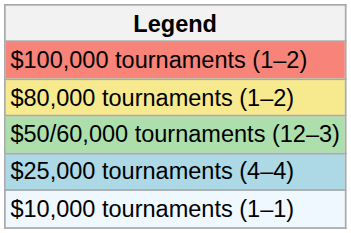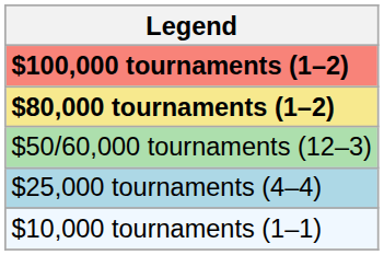 <table class="wikitable" style="font-size:85%">
 <tr>
 <th>Legend</th>
 </tr>
 <tr style="background:#f88379;">
-<td>$100,000 tournaments (1–2)</td>
+<td><strong>$100,000 tournaments (1–2)</strong></td>
 </tr>
 <tr style="background:#f7e98e;">
-<td>$80,000 tournaments (1–2)</td>
+<td><strong>$80,000 tournaments (1–2)</strong></td>
 </tr>
 <tr style="background:#addfad;">
 <td>$50/60,000 tournaments (12–3)</td>
 </tr>
 <tr style="background:lightblue;">
 <td>$25,000 tournaments (4–4)</td>
 </tr>
 <tr style="background:#f0f8ff;">
 <td>$10,000 tournaments (1–1)</td>
 </tr>
 </table>
